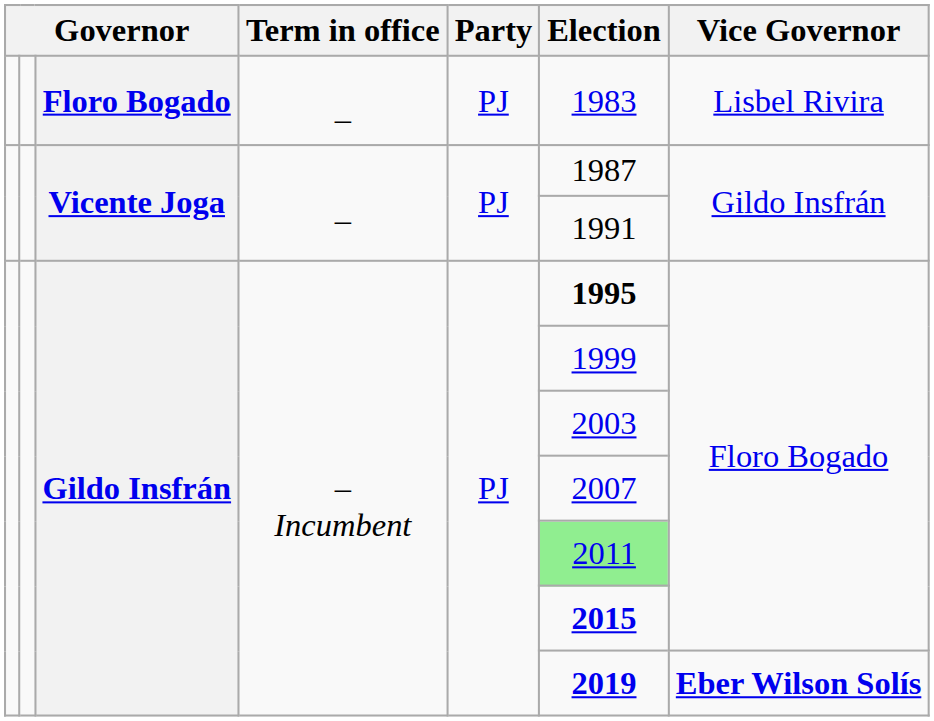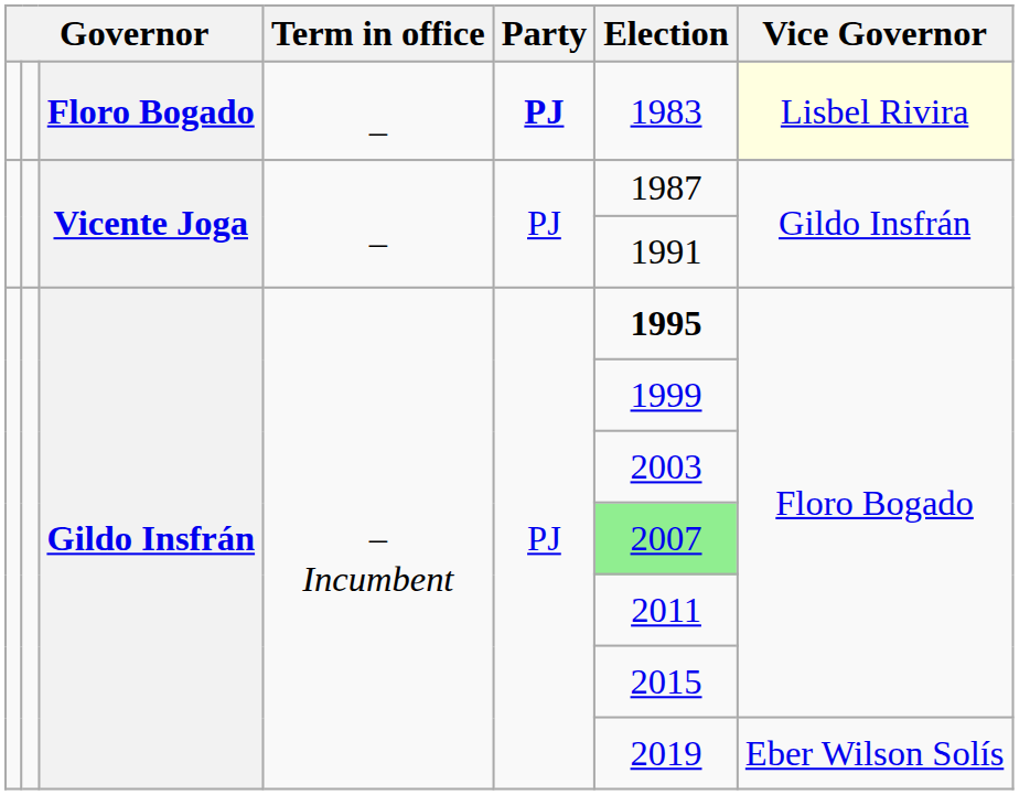 <table class="wikitable sortable" style="text-align: center;">
 <tr>
 <th scope="col" colspan="3">Governor</th>
 <th scope="col">Term in office</th>
 <th scope="col">Party</th>
 <th scope="col">Election</th>
 <th scope="col">Vice Governor</th>
 </tr>
 <tr style="height:2em;">
 <td data-sort-value="Bogado, Floro Eleuterio"></td>
 <td style="background:"></td>
 <th scope="row"><a href='#'>Floro Bogado</a></th>
 <td><br>–<br></td>
-<td><a href='#'>PJ</a></td>
+<td><strong><a href='#'>PJ</a></strong></td>
 <td><a href='#'>1983</a></td>
-<td data-sort-value="Rivira, Lisbel"><a href='#'>Lisbel Rivira</a></td>
+<td data-sort-value="Rivira, Lisbel" style="background: lightyellow;"><a href='#'>Lisbel Rivira</a></td>
 </tr>
 <tr>
 <td rowspan="2" data-sort-value="Joga, Vicente Bienvenido"></td>
 <td rowspan="2" style="background:"></td>
 <th rowspan="2" scope="row"><a href='#'>Vicente Joga</a></th>
 <td rowspan="2"><br>–<br></td>
 <td rowspan="2"><a href='#'>PJ</a></td>
 <td>1987</td>
 <td rowspan="2"><a href='#'>Gildo Insfrán</a></td>
 </tr>
 <tr style="height:2em;">
 <td>1991</td>
 </tr>
 <tr style="height:2em;">
 <td rowspan="7" data-sort-value="Insfrán, Gildo"></td>
 <td rowspan="7" style="background:"></td>
 <th rowspan="7" scope="row"><a href='#'>Gildo Insfrán</a></th>
 <td rowspan="7"><br>–<br><em>Incumbent</em></td>
 <td rowspan="7"><a href='#'>PJ</a></td>
 <td><strong>1995</strong></td>
 <td rowspan="6" data-sort-value="Bogado, Floro Eleuterio"><a href='#'>Floro Bogado</a></td>
 </tr>
 <tr style="height:2em;">
 <td><a href='#'>1999</a></td>
 </tr>
 <tr style="height:2em;">
 <td><a href='#'>2003</a></td>
 </tr>
 <tr style="height:2em;">
-<td><a href='#'>2007</a></td>
+<td style="background: lightgreen;"><a href='#'>2007</a></td>
 </tr>
 <tr style="height:2em;">
-<td style="background: lightgreen;"><a href='#'>2011</a></td>
+<td><a href='#'>2011</a></td>
 </tr>
 <tr style="height:2em;">
-<td><strong><a href='#'>2015</a></strong></td>
+<td><a href='#'>2015</a></td>
 </tr>
 <tr style="height:2em;">
-<td><strong><a href='#'>2019</a></strong></td>
-<td data-sort-value="Wilson Solís, Eber"><strong><a href='#'>Eber Wilson Solís</a></strong></td>
+<td><a href='#'>2019</a></td>
+<td data-sort-value="Wilson Solís, Eber"><a href='#'>Eber Wilson Solís</a></td>
 </tr>
 </table>
